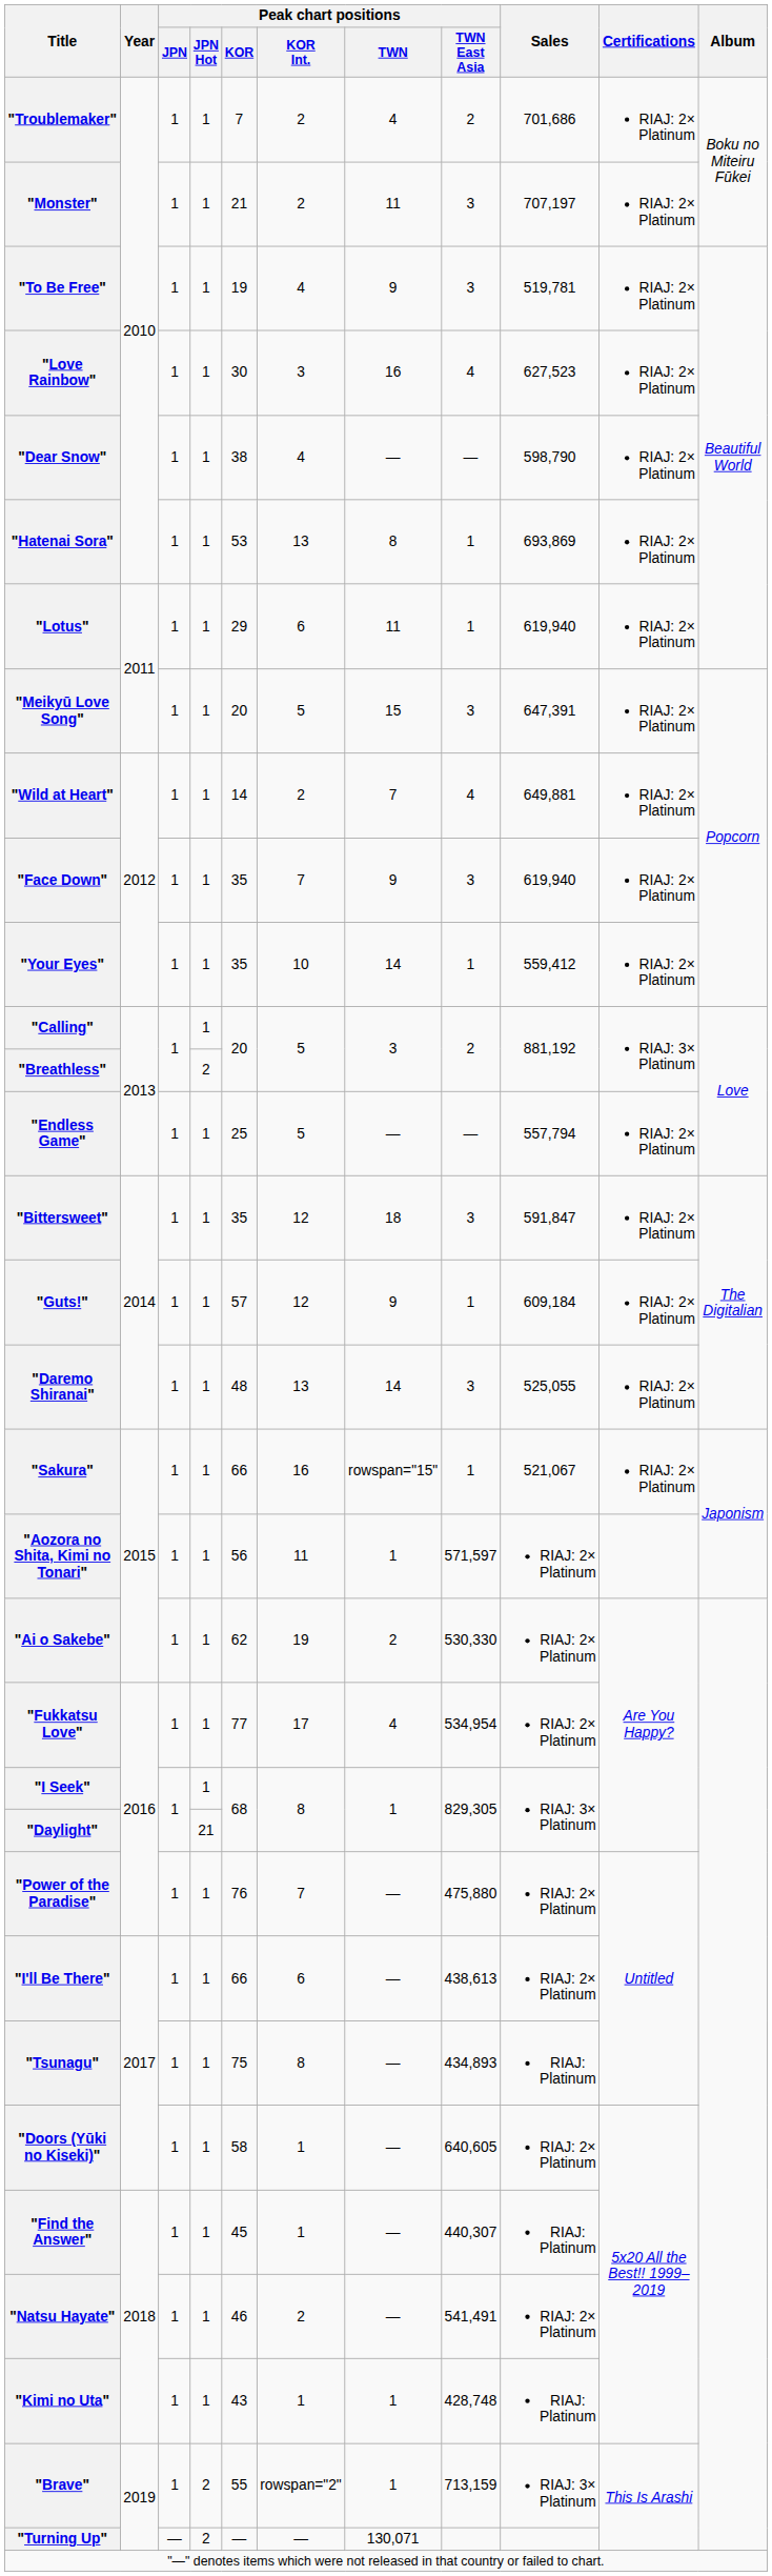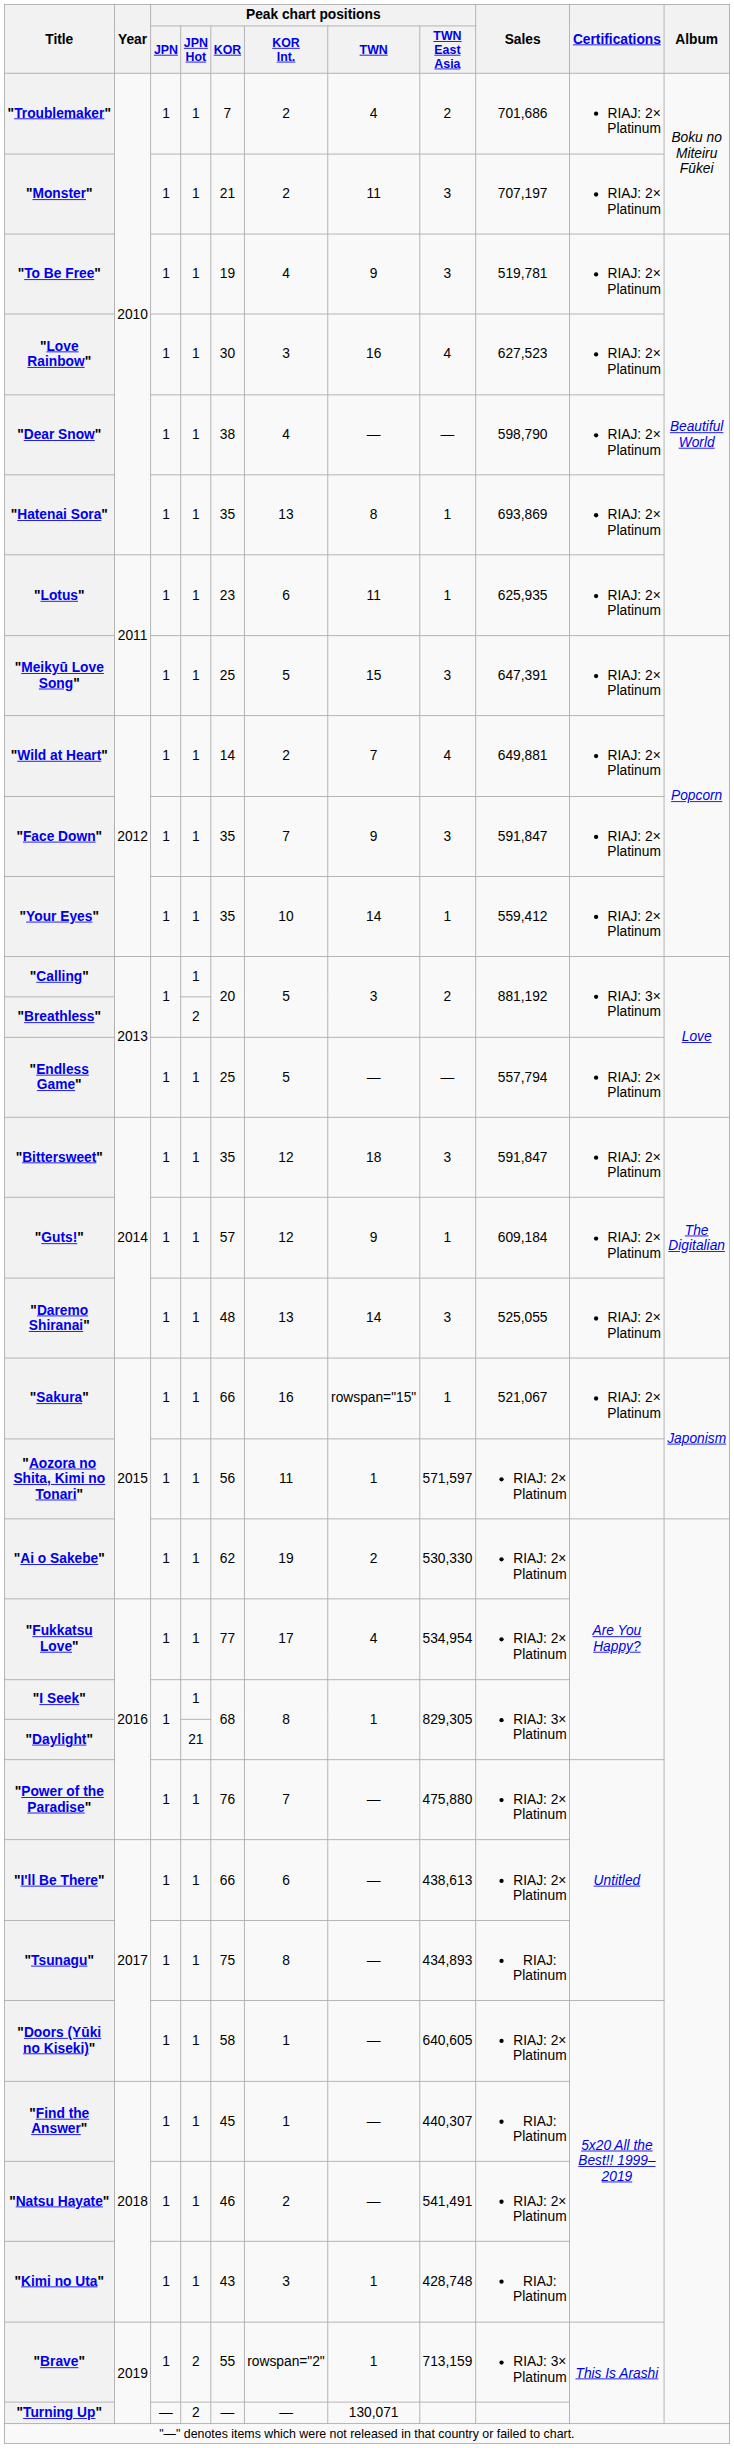 <table class="wikitable plainrowheaders" style="text-align: center;" border="1">
 <tr>
 <th rowspan="2" scope="col" style="width:16em;">Title</th>
 <th rowspan="2" scope="col" style="width:1em;">Year</th>
 <th colspan="6" scope="col">Peak chart positions</th>
 <th rowspan="2" style="width:7em;">Sales</th>
 <th rowspan="2" scope="col" style="width:12em;"><a href='#'>Certifications</a><br></th>
 <th rowspan="2" scope="col">Album</th>
 </tr>
 <tr>
 <th scope="col" style="width:3em;font-size:90%;"><a href='#'>JPN</a> <br></th>
 <th scope="col" style="width:3em;font-size:90%;"><a href='#'>JPN<br>Hot</a><br></th>
 <th scope="col" style="width:3em;font-size:90%;"><a href='#'>KOR</a><br></th>
 <th scope="col" style="width:3em;font-size:90%;"><a href='#'>KOR<br>Int.</a><br></th>
 <th scope="col" style="width:3em;font-size:90%;"><a href='#'>TWN</a><br></th>
 <th scope="col" style="width:3em;font-size:90%;"><a href='#'>TWN<br>East<br>Asia</a><br></th>
 </tr>
 <tr>
 <th scope="row">"<a href='#'>Troublemaker</a>"</th>
 <td rowspan="6">2010</td>
 <td>1</td>
 <td>1</td>
 <td>7</td>
 <td>2</td>
 <td>4</td>
 <td>2</td>
 <td>701,686</td>
 <td><br><ul><li>RIAJ: 2× Platinum</li></ul></td>
 <td rowspan="2"><em>Boku no Miteiru Fūkei</em></td>
 </tr>
 <tr>
 <th scope="row">"<a href='#'>Monster</a>"</th>
 <td>1</td>
 <td>1</td>
 <td>21</td>
 <td>2</td>
 <td>11</td>
 <td>3</td>
 <td>707,197</td>
 <td><br><ul><li>RIAJ: 2× Platinum</li></ul></td>
 </tr>
 <tr>
 <th scope="row">"<a href='#'>To Be Free</a>"</th>
 <td>1</td>
 <td>1</td>
 <td>19</td>
 <td>4</td>
 <td>9</td>
 <td>3</td>
 <td>519,781</td>
 <td><br><ul><li>RIAJ: 2× Platinum</li></ul></td>
 <td rowspan="5"><em><a href='#'>Beautiful World</a></em></td>
 </tr>
 <tr>
 <th scope="row">"<a href='#'>Love Rainbow</a>"</th>
 <td>1</td>
 <td>1</td>
 <td>30</td>
 <td>3</td>
 <td>16</td>
 <td>4</td>
 <td>627,523</td>
 <td><br><ul><li>RIAJ: 2× Platinum</li></ul></td>
 </tr>
 <tr>
 <th scope="row">"<a href='#'>Dear Snow</a>"</th>
 <td>1</td>
 <td>1</td>
 <td>38</td>
 <td>4</td>
 <td>—</td>
 <td>—</td>
 <td>598,790</td>
 <td><br><ul><li>RIAJ: 2× Platinum</li></ul></td>
 </tr>
 <tr>
 <th scope="row">"<a href='#'>Hatenai Sora</a>"</th>
 <td>1</td>
 <td>1</td>
-<td>53</td>
+<td>35</td>
 <td>13</td>
 <td>8</td>
 <td>1</td>
 <td>693,869</td>
 <td><br><ul><li>RIAJ: 2× Platinum</li></ul></td>
 </tr>
 <tr>
 <th scope="row">"<a href='#'>Lotus</a>"</th>
 <td rowspan="2">2011</td>
 <td>1</td>
 <td>1</td>
-<td>29</td>
+<td>23</td>
 <td>6</td>
 <td>11</td>
 <td>1</td>
-<td>619,940</td>
+<td>625,935</td>
 <td><br><ul><li>RIAJ: 2× Platinum</li></ul></td>
 </tr>
 <tr>
 <th scope="row">"<a href='#'>Meikyū Love Song</a>"</th>
 <td>1</td>
 <td>1</td>
-<td>20</td>
+<td>25</td>
 <td>5</td>
 <td>15</td>
 <td>3</td>
 <td>647,391</td>
 <td><br><ul><li>RIAJ: 2× Platinum</li></ul></td>
 <td rowspan="4"><em><a href='#'>Popcorn</a></em></td>
 </tr>
 <tr>
 <th scope="row">"<a href='#'>Wild at Heart</a>"</th>
 <td rowspan="3">2012</td>
 <td>1</td>
 <td>1</td>
 <td>14</td>
 <td>2</td>
 <td>7</td>
 <td>4</td>
 <td>649,881</td>
 <td><br><ul><li>RIAJ: 2× Platinum</li></ul></td>
 </tr>
 <tr>
 <th scope="row">"<a href='#'>Face Down</a>"</th>
 <td>1</td>
 <td>1</td>
 <td>35</td>
 <td>7</td>
 <td>9</td>
 <td>3</td>
-<td>619,940</td>
+<td>591,847</td>
 <td><br><ul><li>RIAJ: 2× Platinum</li></ul></td>
 </tr>
 <tr>
 <th scope="row">"<a href='#'>Your Eyes</a>"</th>
 <td>1</td>
 <td>1</td>
 <td>35</td>
 <td>10</td>
 <td>14</td>
 <td>1</td>
 <td>559,412</td>
 <td><br><ul><li>RIAJ: 2× Platinum</li></ul></td>
 </tr>
 <tr>
 <th scope="row">"<a href='#'>Calling</a>"</th>
 <td rowspan="3">2013</td>
 <td rowspan="2">1</td>
 <td>1</td>
 <td rowspan="2">20</td>
 <td rowspan="2">5</td>
 <td rowspan="2">3</td>
 <td rowspan="2">2</td>
 <td rowspan="2">881,192</td>
 <td rowspan="2"><br><ul><li>RIAJ: 3× Platinum</li></ul></td>
 <td rowspan="3"><em><a href='#'>Love</a></em></td>
 </tr>
 <tr>
 <th scope="row">"<a href='#'>Breathless</a>"</th>
 <td>2</td>
 </tr>
 <tr>
 <th scope="row">"<a href='#'>Endless Game</a>"</th>
 <td>1</td>
 <td>1</td>
 <td>25</td>
 <td>5</td>
 <td>—</td>
 <td>—</td>
 <td>557,794</td>
 <td><br><ul><li>RIAJ: 2× Platinum</li></ul></td>
 </tr>
 <tr>
 <th scope="row">"<a href='#'>Bittersweet</a>"</th>
 <td rowspan="3">2014</td>
 <td>1</td>
 <td>1</td>
 <td>35</td>
 <td>12</td>
 <td>18</td>
 <td>3</td>
 <td>591,847</td>
 <td><br><ul><li>RIAJ: 2× Platinum</li></ul></td>
 <td rowspan="3"><em><a href='#'>The Digitalian</a></em></td>
 </tr>
 <tr>
 <th scope="row">"<a href='#'>Guts!</a>"</th>
 <td>1</td>
 <td>1</td>
 <td>57</td>
 <td>12</td>
 <td>9</td>
 <td>1</td>
 <td>609,184</td>
 <td><br><ul><li>RIAJ: 2× Platinum</li></ul></td>
 </tr>
 <tr>
 <th scope="row">"<a href='#'>Daremo Shiranai</a>"</th>
 <td>1</td>
 <td>1</td>
 <td>48</td>
 <td>13</td>
 <td>14</td>
 <td>3</td>
 <td>525,055</td>
 <td><br><ul><li>RIAJ: 2× Platinum</li></ul></td>
 </tr>
 <tr>
 <th scope="row">"<a href='#'>Sakura</a>"</th>
 <td rowspan="3">2015</td>
 <td>1</td>
 <td>1</td>
 <td>66</td>
 <td>16</td>
 <td>rowspan="15" </td>
 <td>1</td>
 <td>521,067</td>
 <td><br><ul><li>RIAJ: 2× Platinum</li></ul></td>
 <td rowspan="2"><em><a href='#'>Japonism</a></em></td>
 </tr>
 <tr>
 <th scope="row">"<a href='#'>Aozora no Shita, Kimi no Tonari</a>"</th>
 <td>1</td>
 <td>1</td>
 <td>56</td>
 <td>11</td>
 <td>1</td>
 <td>571,597</td>
 <td><br><ul><li>RIAJ: 2× Platinum</li></ul></td>
 </tr>
 <tr>
 <th scope="row">"<a href='#'>Ai o Sakebe</a>"</th>
 <td>1</td>
 <td>1</td>
 <td>62</td>
 <td>19</td>
 <td>2</td>
 <td>530,330</td>
 <td><br><ul><li>RIAJ: 2× Platinum</li></ul></td>
 <td rowspan="4"><em><a href='#'>Are You Happy?</a></em></td>
 </tr>
 <tr>
 <th scope="row">"<a href='#'>Fukkatsu Love</a>"</th>
 <td rowspan="4">2016</td>
 <td>1</td>
 <td>1</td>
 <td>77</td>
 <td>17</td>
 <td>4</td>
 <td>534,954</td>
 <td><br><ul><li>RIAJ: 2× Platinum</li></ul></td>
 </tr>
 <tr>
 <th scope="row">"<a href='#'>I Seek</a>"</th>
 <td rowspan="2">1</td>
 <td>1</td>
 <td rowspan="2">68</td>
 <td rowspan="2">8</td>
 <td rowspan="2">1</td>
 <td rowspan="2">829,305</td>
 <td rowspan="2"><br><ul><li>RIAJ: 3× Platinum</li></ul></td>
 </tr>
 <tr>
 <th scope="row">"<a href='#'>Daylight</a>"</th>
 <td>21</td>
 </tr>
 <tr>
 <th scope="row">"<a href='#'>Power of the Paradise</a>"</th>
 <td>1</td>
 <td>1</td>
 <td>76</td>
 <td>7</td>
 <td>—</td>
 <td>475,880</td>
 <td><br><ul><li>RIAJ: 2× Platinum</li></ul></td>
 <td rowspan="3"><em><a href='#'>Untitled</a></em></td>
 </tr>
 <tr>
 <th scope="row">"<a href='#'>I'll Be There</a>"</th>
 <td rowspan="3">2017</td>
 <td>1</td>
 <td>1</td>
 <td>66</td>
 <td>6</td>
 <td>—</td>
 <td>438,613</td>
 <td><br><ul><li>RIAJ: 2× Platinum</li></ul></td>
 </tr>
 <tr>
 <th scope="row">"<a href='#'>Tsunagu</a>"</th>
 <td>1</td>
 <td>1</td>
 <td>75</td>
 <td>8</td>
 <td>—</td>
 <td>434,893</td>
 <td><br><ul><li>RIAJ: Platinum</li></ul></td>
 </tr>
 <tr>
 <th scope="row">"<a href='#'>Doors (Yūki no Kiseki)</a>"</th>
 <td>1</td>
 <td>1</td>
 <td>58</td>
 <td>1</td>
 <td>—</td>
 <td>640,605</td>
 <td><br><ul><li>RIAJ: 2× Platinum</li></ul></td>
 <td rowspan="4"><em><a href='#'>5x20 All the Best!! 1999–2019</a></em></td>
 </tr>
 <tr>
 <th scope="row">"<a href='#'>Find the Answer</a>"</th>
 <td rowspan="3">2018</td>
 <td>1</td>
 <td>1</td>
 <td>45</td>
 <td>1</td>
 <td>—</td>
 <td>440,307</td>
 <td><br><ul><li>RIAJ: Platinum</li></ul></td>
 </tr>
 <tr>
 <th scope="row">"<a href='#'>Natsu Hayate</a>"</th>
 <td>1</td>
 <td>1</td>
 <td>46</td>
 <td>2</td>
 <td>—</td>
 <td>541,491</td>
 <td><br><ul><li>RIAJ: 2× Platinum</li></ul></td>
 </tr>
 <tr>
 <th scope="row">"<a href='#'>Kimi no Uta</a>"</th>
 <td>1</td>
 <td>1</td>
 <td>43</td>
-<td>1</td>
+<td>3</td>
 <td>1</td>
 <td>428,748</td>
 <td><br><ul><li>RIAJ: Platinum</li></ul></td>
 </tr>
 <tr>
 <th scope="row">"<a href='#'>Brave</a>"</th>
 <td rowspan="2">2019</td>
 <td>1</td>
 <td>2</td>
 <td>55</td>
 <td>rowspan="2" </td>
 <td>1</td>
 <td>713,159</td>
 <td><br><ul><li>RIAJ: 3× Platinum</li></ul></td>
 <td rowspan="2"><em><a href='#'>This Is Arashi</a></em></td>
 </tr>
 <tr>
 <th scope="row">"<a href='#'>Turning Up</a>"</th>
 <td>—</td>
 <td>2</td>
 <td>—</td>
 <td>—</td>
 <td>130,071</td>
 <td></td>
 </tr>
 <tr>
 <td colspan="11" style="font-size:90%;">"—" denotes items which were not released in that country or failed to chart.</td>
 </tr>
 </table>
